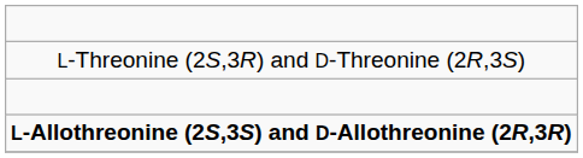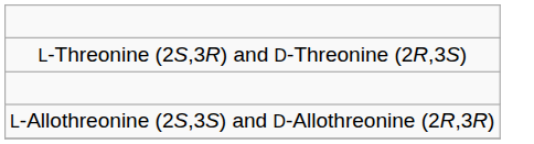 <table class="wikitable centered" style="text-align:center">
 <tr>
 <td> <br></td>
 </tr>
 <tr>
 <td><small>L</small>-Threonine (2<em>S</em>,3<em>R</em>) and <small>D</small>-Threonine (2<em>R</em>,3<em>S</em>)<br></td>
 </tr>
 <tr>
 <td> <br></td>
 </tr>
 <tr>
-<td><strong><small>L</small>-Allothreonine (2<em>S</em>,3<em>S</em>) and <small>D</small>-Allothreonine (2<em>R</em>,3<em>R</em>)</strong></td>
+<td><small>L</small>-Allothreonine (2<em>S</em>,3<em>S</em>) and <small>D</small>-Allothreonine (2<em>R</em>,3<em>R</em>)</td>
 </tr>
 <tr>
 </tr>
 </table>
